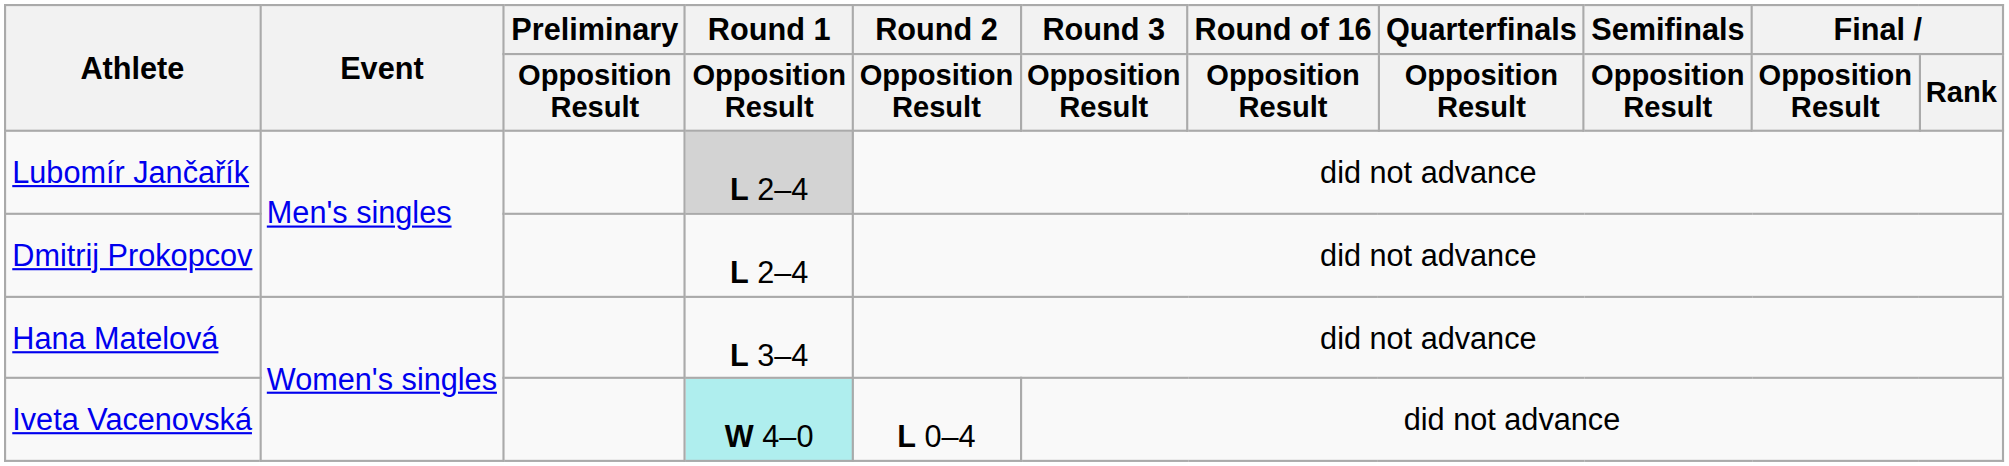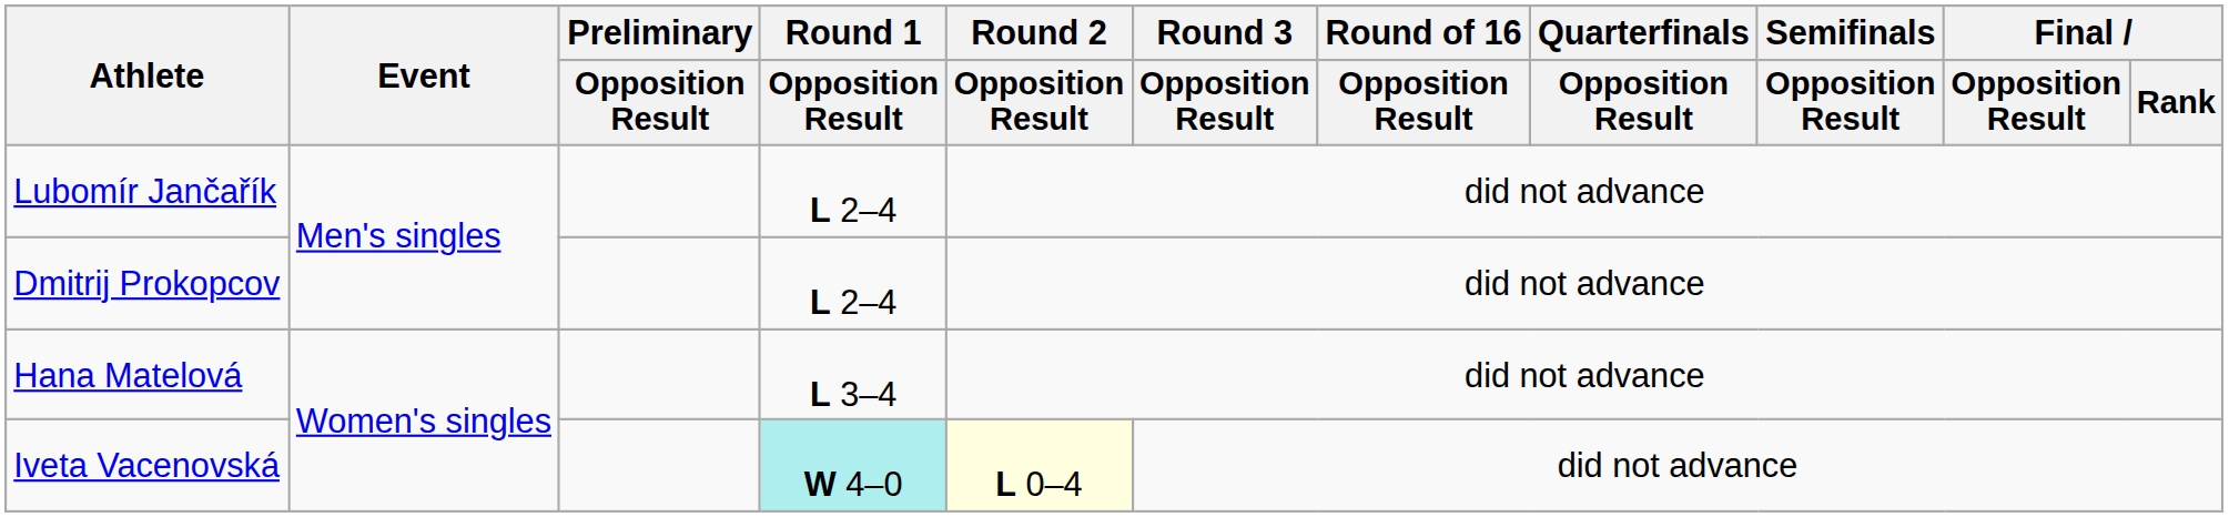 <table class="wikitable" style="font-size:90%;">
 <tr>
 <th rowspan=2>Athlete</th>
 <th rowspan=2>Event</th>
 <th>Preliminary</th>
 <th>Round 1</th>
 <th>Round 2</th>
 <th>Round 3</th>
 <th>Round of 16</th>
 <th>Quarterfinals</th>
 <th>Semifinals</th>
 <th colspan=2>Final / </th>
 </tr>
 <tr style="font-size:95%">
 <th>Opposition<br>Result</th>
 <th>Opposition<br>Result</th>
 <th>Opposition<br>Result</th>
 <th>Opposition<br>Result</th>
 <th>Opposition<br>Result</th>
 <th>Opposition<br>Result</th>
 <th>Opposition<br>Result</th>
 <th>Opposition<br>Result</th>
 <th>Rank</th>
 </tr>
 <tr align=center>
 <td align=left><a href='#'>Lubomír Jančařík</a></td>
 <td align=left rowspan=2><a href='#'>Men's singles</a></td>
 <td></td>
-<td style="background: lightgrey;"><br><strong>L</strong> 2–4</td>
+<td><br><strong>L</strong> 2–4</td>
 <td colspan=7>did not advance</td>
 </tr>
 <tr align=center>
 <td align=left><a href='#'>Dmitrij Prokopcov</a></td>
 <td></td>
 <td><br><strong>L</strong> 2–4</td>
 <td colspan=7>did not advance</td>
 </tr>
 <tr align=center>
 <td align=left><a href='#'>Hana Matelová</a></td>
 <td align=left rowspan=2><a href='#'>Women's singles</a></td>
 <td></td>
 <td><br><strong>L</strong> 3–4</td>
 <td colspan=7>did not advance</td>
 </tr>
 <tr align=center>
 <td align=left><a href='#'>Iveta Vacenovská</a></td>
 <td></td>
 <td style="background: paleturquoise;"><br><strong>W</strong> 4–0</td>
-<td><br><strong>L</strong> 0–4</td>
+<td style="background: lightyellow;"><br><strong>L</strong> 0–4</td>
 <td colspan=6>did not advance</td>
 </tr>
 </table>
